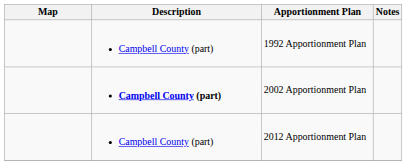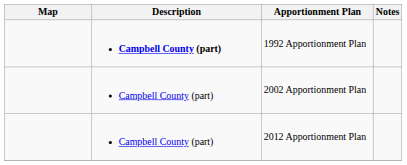 <table class="wikitable sortable">
 <tr>
 <th style="width:100pt;">Map</th>
 <th style="width:200pt;">Description</th>
 <th style="width:130pt;">Apportionment Plan</th>
 <th style="width:15pt;">Notes</th>
 </tr>
 <tr>
 <td></td>
-<td><br><ul><li><a href='#'>Campbell County</a> (part)</li></ul></td>
+<td><strong><br><ul><li><a href='#'>Campbell County</a> (part)</li></ul></strong></td>
 <td>1992 Apportionment Plan</td>
 <td></td>
 </tr>
 <tr>
 <td></td>
-<td><strong><br><ul><li><a href='#'>Campbell County</a> (part)</li></ul></strong></td>
+<td><br><ul><li><a href='#'>Campbell County</a> (part)</li></ul></td>
 <td>2002 Apportionment Plan</td>
 <td></td>
 </tr>
 <tr>
 <td></td>
 <td><br><ul><li><a href='#'>Campbell County</a> (part)</li></ul></td>
 <td>2012 Apportionment Plan</td>
 <td></td>
 </tr>
 <tr>
 </tr>
 </table>
